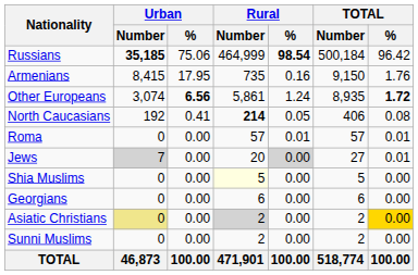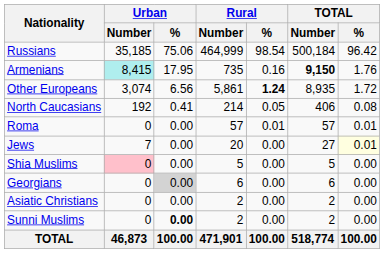 <table class="wikitable sortable">
 <tr>
 <th rowspan="2">Nationality</th>
 <th colspan="2"><a href='#'>Urban</a></th>
 <th colspan="2"><a href='#'>Rural</a></th>
 <th colspan="2">TOTAL</th>
 </tr>
 <tr>
 <th>Number</th>
 <th>%</th>
 <th>Number</th>
 <th>%</th>
 <th>Number</th>
 <th>%</th>
 </tr>
 <tr>
 <td><a href='#'>Russians</a></td>
-<td align="right"><strong>35,185</strong></td>
+<td align="right">35,185</td>
 <td align="right">75.06</td>
 <td align="right">464,999</td>
-<td align="right"><strong>98.54</strong></td>
+<td align="right">98.54</td>
 <td align="right">500,184</td>
 <td align="right">96.42</td>
 </tr>
 <tr>
 <td><a href='#'>Armenians</a></td>
-<td align="right">8,415</td>
+<td align="right" style="background: paleturquoise;">8,415</td>
 <td align="right">17.95</td>
 <td align="right">735</td>
 <td align="right">0.16</td>
-<td align="right">9,150</td>
+<td align="right"><strong>9,150</strong></td>
 <td align="right">1.76</td>
 </tr>
 <tr>
 <td><a href='#'>Other Europeans</a></td>
 <td align="right">3,074</td>
-<td align="right"><strong>6.56</strong></td>
+<td align="right">6.56</td>
 <td align="right">5,861</td>
-<td align="right">1.24</td>
+<td align="right"><strong>1.24</strong></td>
 <td align="right">8,935</td>
-<td align="right"><strong>1.72</strong></td>
+<td align="right">1.72</td>
 </tr>
 <tr>
 <td><a href='#'>North Caucasians</a></td>
 <td align="right">192</td>
 <td align="right">0.41</td>
-<td align="right"><strong>214</strong></td>
+<td align="right">214</td>
 <td align="right">0.05</td>
 <td align="right">406</td>
 <td align="right">0.08</td>
 </tr>
 <tr>
 <td><a href='#'>Roma</a></td>
 <td align="right">0</td>
 <td align="right">0.00</td>
 <td align="right">57</td>
 <td align="right">0.01</td>
 <td align="right">57</td>
 <td align="right">0.01</td>
 </tr>
 <tr>
 <td><a href='#'>Jews</a></td>
-<td align="right" style="background: lightgrey;">7</td>
+<td align="right">7</td>
 <td align="right">0.00</td>
 <td align="right">20</td>
-<td align="right" style="background: lightgrey;">0.00</td>
+<td align="right">0.00</td>
 <td align="right">27</td>
-<td align="right">0.01</td>
+<td align="right" style="background: lightyellow;">0.01</td>
 </tr>
 <tr>
 <td><a href='#'>Shia Muslims</a></td>
-<td align="right">0</td>
+<td align="right" style="background: pink;">0</td>
 <td align="right">0.00</td>
-<td align="right" style="background: lightyellow;">5</td>
+<td align="right">5</td>
 <td align="right">0.00</td>
 <td align="right">5</td>
 <td align="right">0.00</td>
 </tr>
 <tr>
 <td><a href='#'>Georgians</a></td>
 <td align="right">0</td>
-<td align="right">0.00</td>
+<td align="right" style="background: lightgrey;">0.00</td>
 <td align="right">6</td>
 <td align="right">0.00</td>
 <td align="right">6</td>
 <td align="right">0.00</td>
 </tr>
 <tr>
 <td><a href='#'>Asiatic Christians</a></td>
-<td align="right" style="background: khaki;">0</td>
-<td align="right">0.00</td>
-<td align="right" style="background: lightgrey;">2</td>
+<td align="right">0</td>
 <td align="right">0.00</td>
 <td align="right">2</td>
-<td align="right" style="background: gold;">0.00</td>
+<td align="right">0.00</td>
+<td align="right">2</td>
+<td align="right">0.00</td>
 </tr>
 <tr>
 <td><a href='#'>Sunni Muslims</a></td>
 <td align="right">0</td>
-<td align="right">0.00</td>
+<td align="right"><strong>0.00</strong></td>
 <td align="right">2</td>
 <td align="right">0.00</td>
 <td align="right">2</td>
 <td align="right">0.00</td>
 </tr>
 <tr>
 <th>TOTAL</th>
 <th>46,873</th>
 <th>100.00</th>
 <th>471,901</th>
 <th>100.00</th>
 <th>518,774</th>
 <th>100.00</th>
 </tr>
 </table>
